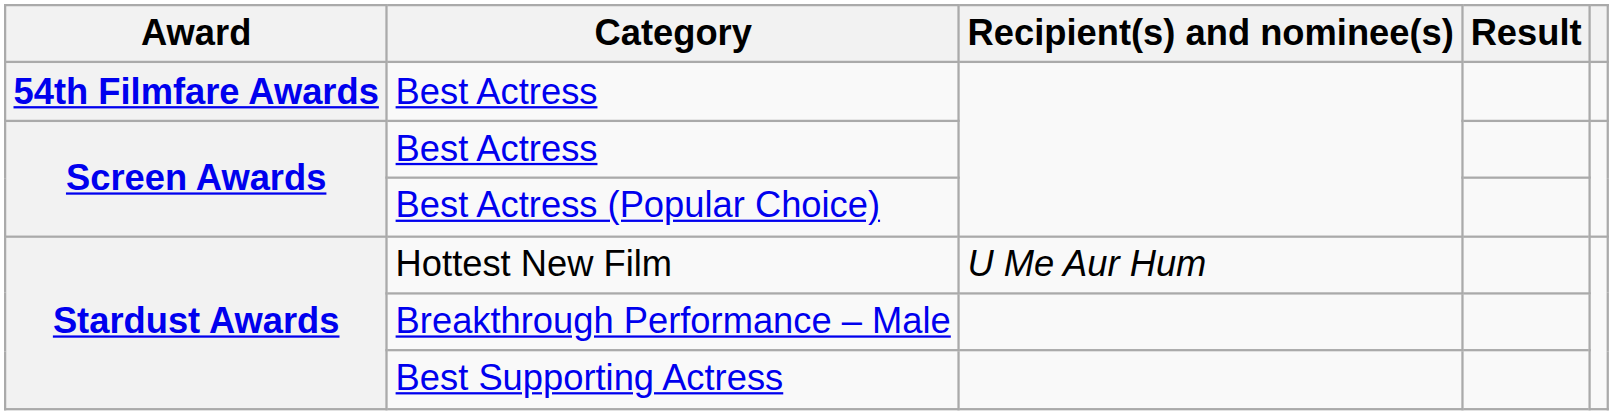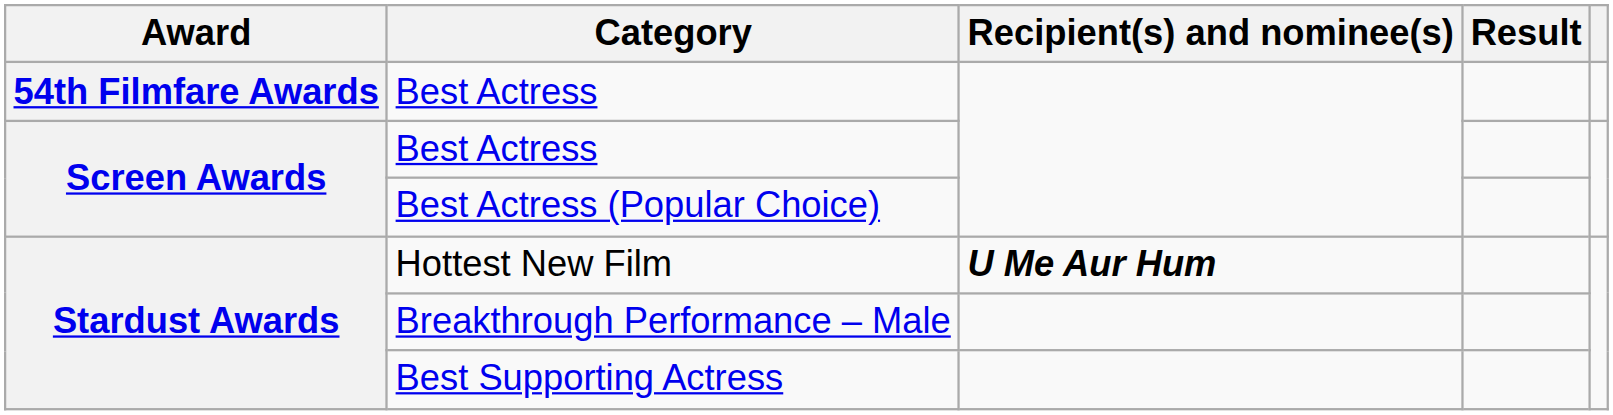 <table class="wikitable plainrowheaders sortable">
 <tr>
 <th scope="col">Award</th>
 <th scope="col">Category</th>
 <th scope="col">Recipient(s) and nominee(s)</th>
 <th scope="col">Result</th>
 <th scope="col" class="unsortable"></th>
 </tr>
 <tr>
 <th scope="row"><a href='#'>54th Filmfare Awards</a></th>
 <td><a href='#'>Best Actress</a></td>
 <td rowspan="3"></td>
 <td></td>
 <td style="text-align:center;"></td>
 </tr>
 <tr>
 <th scope="row" rowspan="2"><a href='#'>Screen Awards</a></th>
 <td><a href='#'>Best Actress</a></td>
 <td></td>
 <td style="text-align:center;" rowspan="2"><br></td>
 </tr>
 <tr>
 <td><a href='#'>Best Actress (Popular Choice)</a></td>
 <td></td>
 </tr>
 <tr>
 <th scope="row" rowspan="3"><a href='#'>Stardust Awards</a></th>
 <td>Hottest New Film</td>
-<td><em>U Me Aur Hum</em></td>
+<td><strong><em>U Me Aur Hum</em></strong></td>
 <td></td>
 <td style="text-align:center;" rowspan="3"></td>
 </tr>
 <tr>
 <td><a href='#'>Breakthrough Performance – Male</a></td>
 <td></td>
 <td></td>
 </tr>
 <tr>
 <td><a href='#'>Best Supporting Actress</a></td>
 <td></td>
 <td></td>
 </tr>
 </table>
